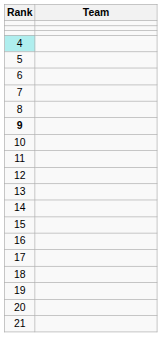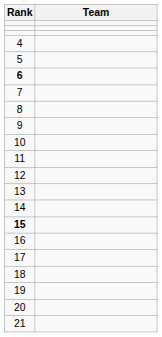 <table class="wikitable" style="text-align: center;">
 <tr>
 <th width=40>Rank</th>
 <th width=180>Team</th>
 </tr>
 <tr>
 <td></td>
 <td align=left></td>
 </tr>
 <tr>
 <td></td>
 <td align=left></td>
 </tr>
 <tr>
 <td></td>
 <td align=left></td>
 </tr>
 <tr>
-<td style="background: paleturquoise;">4</td>
+<td>4</td>
 <td align=left></td>
 </tr>
 <tr>
 <td>5</td>
 <td align=left></td>
 </tr>
 <tr>
-<td>6</td>
+<td><strong>6</strong></td>
 <td align=left></td>
 </tr>
 <tr>
 <td>7</td>
 <td align=left></td>
 </tr>
 <tr>
 <td>8</td>
 <td align=left></td>
 </tr>
 <tr>
-<td><strong>9</strong></td>
+<td>9</td>
 <td align=left></td>
 </tr>
 <tr>
 <td>10</td>
 <td align=left></td>
 </tr>
 <tr>
 <td>11</td>
 <td align=left></td>
 </tr>
 <tr>
 <td>12</td>
 <td align=left></td>
 </tr>
 <tr>
 <td>13</td>
 <td align=left></td>
 </tr>
 <tr>
 <td>14</td>
 <td align=left></td>
 </tr>
 <tr>
-<td>15</td>
+<td><strong>15</strong></td>
 <td align=left></td>
 </tr>
 <tr>
 <td>16</td>
 <td align=left></td>
 </tr>
 <tr>
 <td>17</td>
 <td align=left></td>
 </tr>
 <tr>
 <td>18</td>
 <td align=left></td>
 </tr>
 <tr>
 <td>19</td>
 <td align=left></td>
 </tr>
 <tr>
 <td>20</td>
 <td align=left></td>
 </tr>
 <tr>
 <td>21</td>
 <td align=left></td>
 </tr>
 </table>
